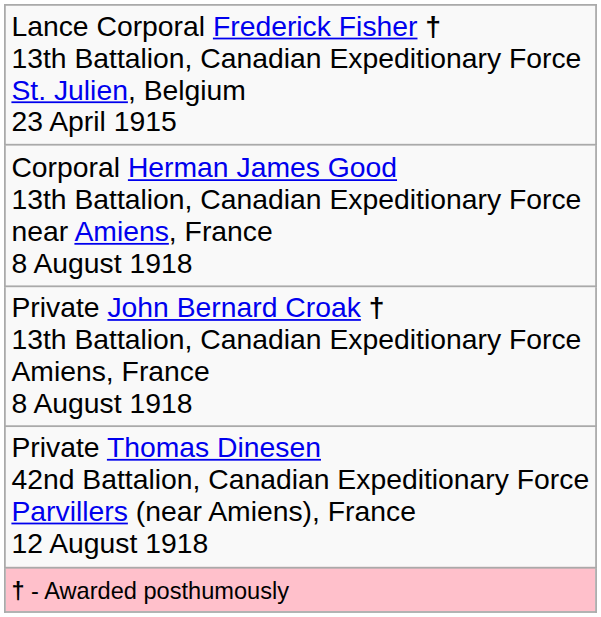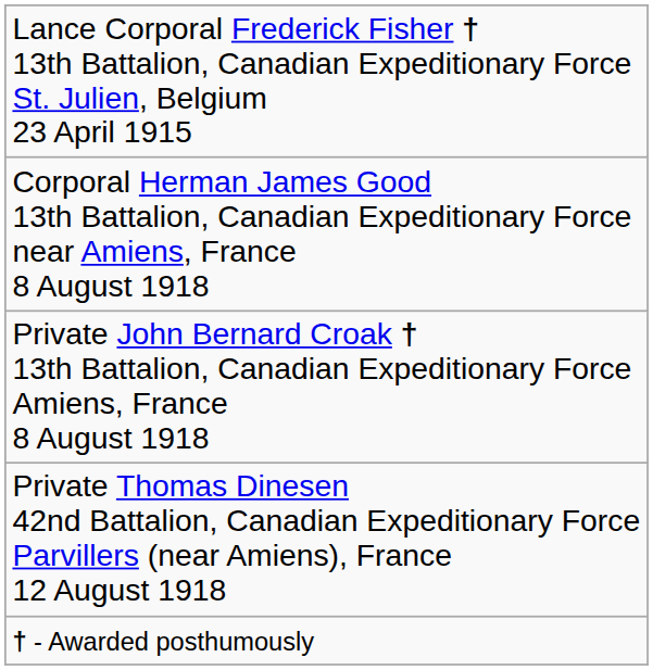 <table class="wikitable">
 <tr>
 <td>Lance Corporal <a href='#'>Frederick Fisher</a> <strong>†</strong><br>13th Battalion, Canadian Expeditionary Force<br><a href='#'>St. Julien</a>, Belgium<br>23 April 1915</td>
 </tr>
 <tr>
 <td>Corporal <a href='#'>Herman James Good</a><br>13th Battalion, Canadian Expeditionary Force<br>near <a href='#'>Amiens</a>, France<br>8 August 1918</td>
 </tr>
 <tr>
 <td>Private <a href='#'>John Bernard Croak</a> <strong>†</strong><br>13th Battalion, Canadian Expeditionary Force<br>Amiens, France<br>8 August 1918</td>
 </tr>
 <tr>
 <td>Private <a href='#'>Thomas Dinesen</a><br>42nd Battalion, Canadian Expeditionary Force<br><a href='#'>Parvillers</a> (near Amiens), France<br>12 August 1918</td>
 </tr>
 <tr>
-<td style="background: pink;"><small><strong>†</strong> - Awarded posthumously</small></td>
+<td><small><strong>†</strong> - Awarded posthumously</small></td>
 </tr>
 </table>
